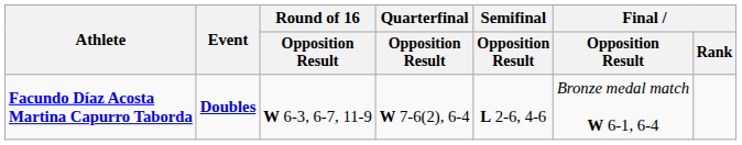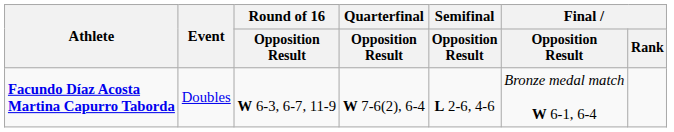 <table class=wikitable style=font-size:90%;text-align:center>
 <tr>
 <th rowspan=2>Athlete</th>
 <th rowspan=2>Event</th>
 <th>Round of 16</th>
 <th>Quarterfinal</th>
 <th>Semifinal</th>
 <th colspan=2>Final / </th>
 </tr>
 <tr style=font-size:95%>
 <th>Opposition<br>Result</th>
 <th>Opposition<br>Result</th>
 <th>Opposition<br>Result</th>
 <th>Opposition<br>Result</th>
 <th>Rank</th>
 </tr>
 <tr>
 <td align=left><strong><a href='#'>Facundo Díaz Acosta</a><br><a href='#'>Martina Capurro Taborda</a></strong></td>
-<td align=left><strong><a href='#'>Doubles</a></strong></td>
+<td align=left><a href='#'>Doubles</a></td>
 <td align=center><br><strong>W</strong> 6-3, 6-7, 11-9</td>
 <td align=center><br><strong>W</strong> 7-6(2), 6-4</td>
 <td align=center><br><strong>L</strong> 2-6, 4-6</td>
 <td><em>Bronze medal match</em><br><br><strong>W</strong> 6-1, 6-4</td>
 <td></td>
 </tr>
 </table>
